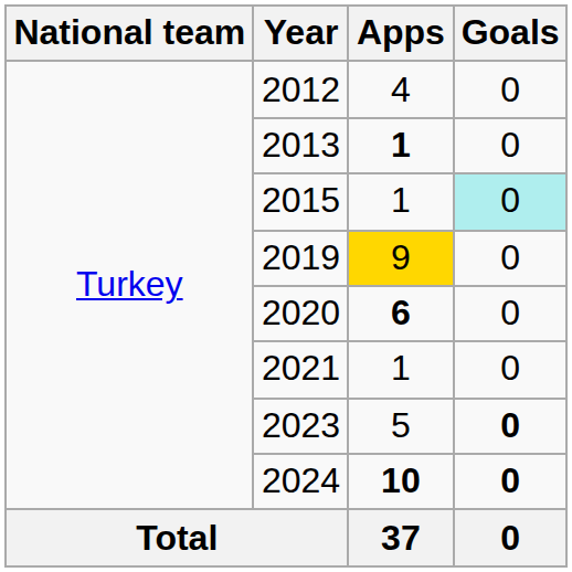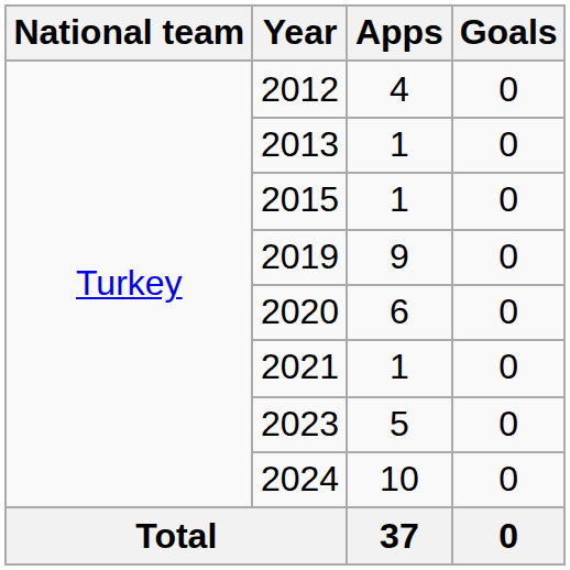 <table class="wikitable" style="text-align:center">
 <tr>
 <th>National team</th>
 <th>Year</th>
 <th>Apps</th>
 <th>Goals</th>
 </tr>
 <tr>
 <td rowspan="9"><a href='#'>Turkey</a></td>
 </tr>
 <tr>
 <td>2012</td>
 <td>4</td>
 <td>0</td>
 </tr>
 <tr>
 <td>2013</td>
-<td><strong>1</strong></td>
+<td>1</td>
 <td>0</td>
 </tr>
 <tr>
 <td>2015</td>
 <td>1</td>
-<td style="background: paleturquoise;">0</td>
+<td>0</td>
 </tr>
 <tr>
 <td>2019</td>
-<td style="background: gold;">9</td>
+<td>9</td>
 <td>0</td>
 </tr>
 <tr>
 <td>2020</td>
-<td><strong>6</strong></td>
+<td>6</td>
 <td>0</td>
 </tr>
 <tr>
 <td>2021</td>
 <td>1</td>
 <td>0</td>
 </tr>
 <tr>
 <td>2023</td>
 <td>5</td>
-<td><strong>0</strong></td>
+<td>0</td>
 </tr>
 <tr>
 <td>2024</td>
-<td><strong>10</strong></td>
-<td><strong>0</strong></td>
+<td>10</td>
+<td>0</td>
 </tr>
 <tr>
 <th colspan="2">Total</th>
 <th>37</th>
 <th>0</th>
 </tr>
 </table>
